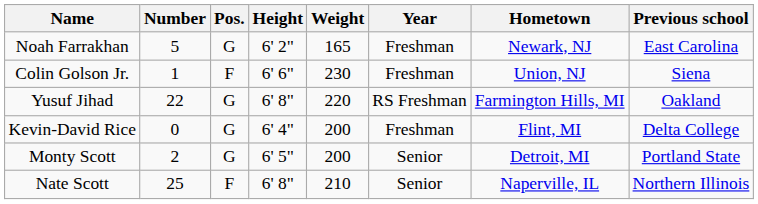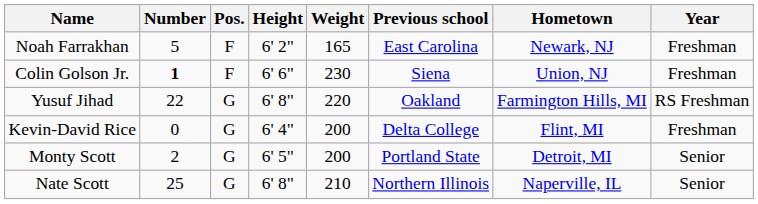 <table class="wikitable sortable sortable" style="text-align: center">
 <tr align=center>
 <th style="background:#">Name</th>
 <th style="background:#">Number</th>
 <th style="background:#">Pos.</th>
 <th style="background:#">Height</th>
 <th style="background:#">Weight</th>
+<th style="background:#">Previous school</th>
+<th style="background:#">Hometown</th>
 <th style="background:#">Year</th>
-<th style="background:#">Hometown</th>
-<th style="background:#">Previous school</th>
 </tr>
 <tr>
 <td>Noah Farrakhan</td>
 <td>5</td>
-<td>G</td>
+<td>F</td>
 <td>6' 2"</td>
 <td>165</td>
+<td><a href='#'>East Carolina</a></td>
+<td><a href='#'>Newark, NJ</a></td>
 <td>Freshman</td>
-<td><a href='#'>Newark, NJ</a></td>
-<td><a href='#'>East Carolina</a></td>
 </tr>
 <tr>
 <td>Colin Golson Jr.</td>
-<td>1</td>
+<td><strong>1</strong></td>
 <td>F</td>
 <td>6' 6"</td>
 <td>230</td>
+<td><a href='#'>Siena</a></td>
+<td><a href='#'>Union, NJ</a></td>
 <td>Freshman</td>
-<td><a href='#'>Union, NJ</a></td>
-<td><a href='#'>Siena</a></td>
 </tr>
 <tr>
 <td>Yusuf Jihad</td>
 <td>22</td>
 <td>G</td>
 <td>6' 8"</td>
 <td>220</td>
+<td><a href='#'>Oakland</a></td>
+<td><a href='#'>Farmington Hills, MI</a></td>
 <td>RS Freshman</td>
-<td><a href='#'>Farmington Hills, MI</a></td>
-<td><a href='#'>Oakland</a></td>
 </tr>
 <tr>
 <td>Kevin-David Rice</td>
 <td>0</td>
 <td>G</td>
 <td>6' 4"</td>
 <td>200</td>
+<td><a href='#'>Delta College</a></td>
+<td><a href='#'>Flint, MI</a></td>
 <td>Freshman</td>
-<td><a href='#'>Flint, MI</a></td>
-<td><a href='#'>Delta College</a></td>
 </tr>
 <tr>
 <td>Monty Scott</td>
 <td>2</td>
 <td>G</td>
 <td>6' 5"</td>
 <td>200</td>
+<td><a href='#'>Portland State</a></td>
+<td><a href='#'>Detroit, MI</a></td>
 <td>Senior</td>
-<td><a href='#'>Detroit, MI</a></td>
-<td><a href='#'>Portland State</a></td>
 </tr>
 <tr>
 <td>Nate Scott</td>
 <td>25</td>
-<td>F</td>
+<td>G</td>
 <td>6' 8"</td>
 <td>210</td>
+<td><a href='#'>Northern Illinois</a></td>
+<td><a href='#'>Naperville, IL</a></td>
 <td>Senior</td>
-<td><a href='#'>Naperville, IL</a></td>
-<td><a href='#'>Northern Illinois</a></td>
 </tr>
 </table>
